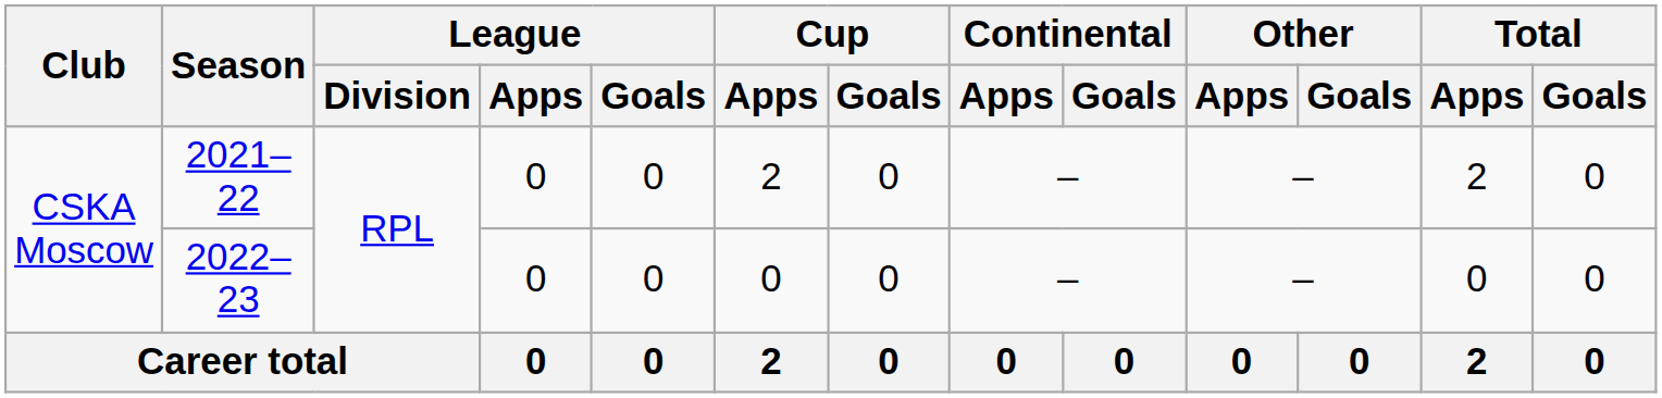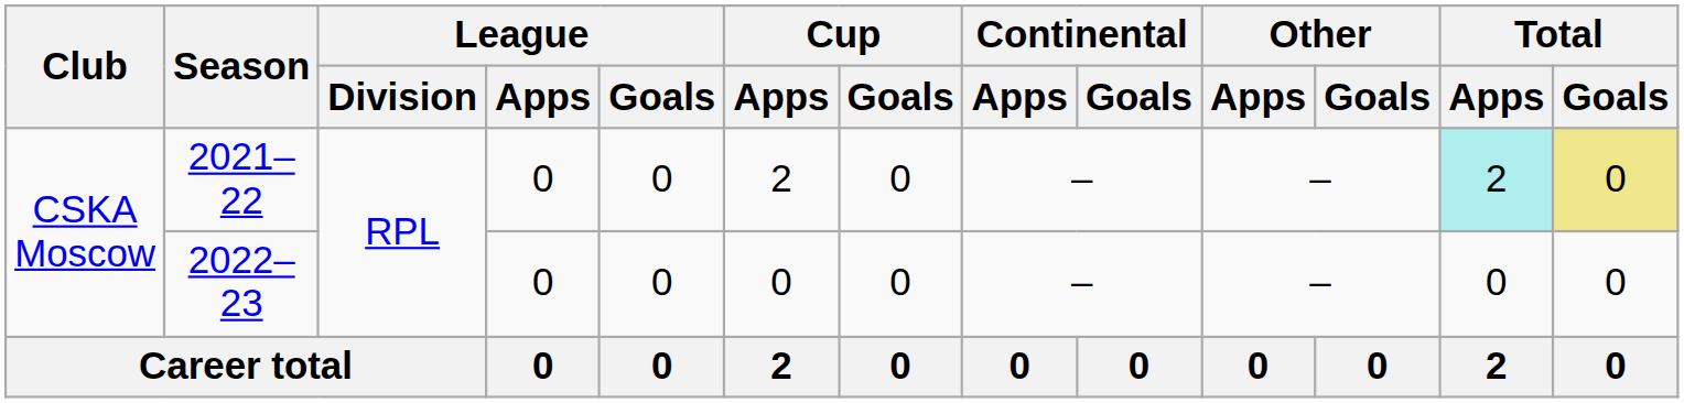 <table class="wikitable" style="text-align: center;">
 <tr>
 <th rowspan=2>Club</th>
 <th rowspan=2>Season</th>
 <th colspan=3>League</th>
 <th colspan=2>Cup</th>
 <th colspan=2>Continental</th>
 <th colspan=2>Other</th>
 <th colspan=2>Total</th>
 </tr>
 <tr>
 <th>Division</th>
 <th>Apps</th>
 <th>Goals</th>
 <th>Apps</th>
 <th>Goals</th>
 <th>Apps</th>
 <th>Goals</th>
 <th>Apps</th>
 <th>Goals</th>
 <th>Apps</th>
 <th>Goals</th>
 </tr>
 <tr>
 <td rowspan=2><a href='#'>CSKA Moscow</a></td>
 <td><a href='#'>2021–22</a></td>
 <td rowspan=2><a href='#'>RPL</a></td>
 <td>0</td>
 <td>0</td>
 <td>2</td>
 <td>0</td>
 <td colspan=2>–</td>
 <td colspan=2>–</td>
-<td>2</td>
-<td>0</td>
+<td style="background: paleturquoise;">2</td>
+<td style="background: khaki;">0</td>
 </tr>
 <tr>
 <td><a href='#'>2022–23</a></td>
 <td>0</td>
 <td>0</td>
 <td>0</td>
 <td>0</td>
 <td colspan=2>–</td>
 <td colspan=2>–</td>
 <td>0</td>
 <td>0</td>
 </tr>
 <tr>
 <th colspan=3>Career total</th>
 <th>0</th>
 <th>0</th>
 <th>2</th>
 <th>0</th>
 <th>0</th>
 <th>0</th>
 <th>0</th>
 <th>0</th>
 <th>2</th>
 <th>0</th>
 </tr>
 </table>
